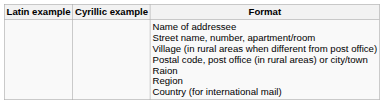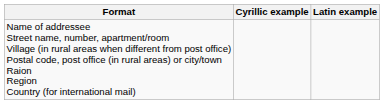 <table class="wikitable">
 <tr>
+<th>Format</th>
+<th>Cyrillic example</th>
 <th>Latin example</th>
-<th>Cyrillic example</th>
-<th>Format</th>
 </tr>
 <tr>
+<td>Name of addressee <br> Street name, number, apartment/room <br> Village (in rural areas when different from post office) <br> Postal code, post office (in rural areas) or city/town <br> Raion <br> Region <br> Country (for international mail)</td>
 <td></td>
 <td></td>
-<td>Name of addressee <br> Street name, number, apartment/room <br> Village (in rural areas when different from post office) <br> Postal code, post office (in rural areas) or city/town <br> Raion <br> Region <br> Country (for international mail)</td>
 </tr>
 </table>
